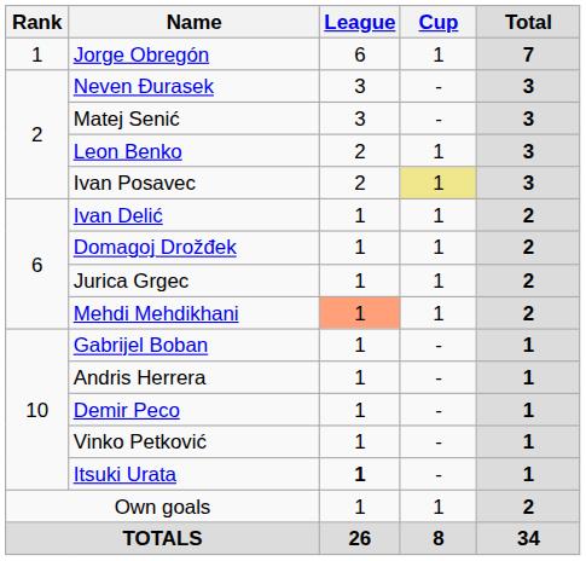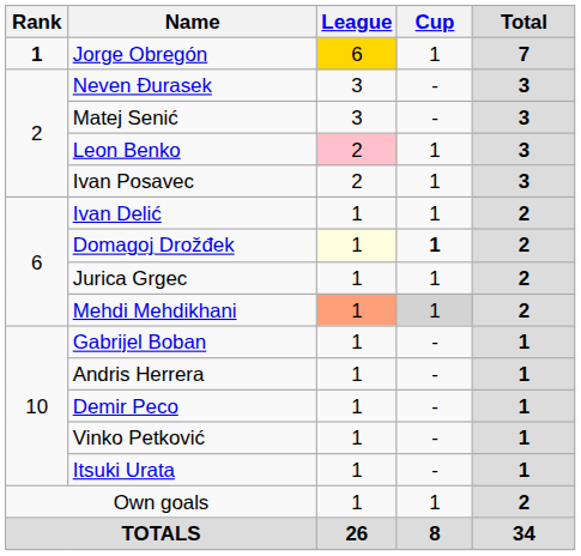 <table class="wikitable" style="font-size: 95%; text-align: center;">
 <tr>
 <th width=40>Rank</th>
 <th width=180>Name</th>
 <th width=50><a href='#'>League</a></th>
 <th width=50><a href='#'>Cup</a></th>
 <th width=70 style="background: #DCDCDC">Total</th>
 </tr>
 <tr>
-<td rowspan=1>1</td>
+<td rowspan=1><strong>1</strong></td>
 <td style="text-align:left;"> <a href='#'>Jorge Obregón</a></td>
-<td>6</td>
+<td style="background: gold;">6</td>
 <td>1</td>
 <th style="background: #DCDCDC">7</th>
 </tr>
 <tr>
 <td rowspan=4>2</td>
 <td style="text-align:left;"> <a href='#'>Neven Đurasek</a></td>
 <td>3</td>
 <td>-</td>
 <th style="background: #DCDCDC">3</th>
 </tr>
 <tr>
 <td style="text-align:left;"> Matej Senić</td>
 <td>3</td>
 <td>-</td>
 <th style="background: #DCDCDC">3</th>
 </tr>
 <tr>
 <td style="text-align:left;"> <a href='#'>Leon Benko</a></td>
-<td>2</td>
+<td style="background: pink;">2</td>
 <td>1</td>
 <th style="background: #DCDCDC">3</th>
 </tr>
 <tr>
 <td style="text-align:left;"> Ivan Posavec</td>
 <td>2</td>
-<td style="background: khaki;">1</td>
+<td>1</td>
 <th style="background: #DCDCDC">3</th>
 </tr>
 <tr>
 <td rowspan=4>6</td>
 <td style="text-align:left;"> <a href='#'>Ivan Delić</a></td>
 <td>1</td>
 <td>1</td>
 <th style="background: #DCDCDC">2</th>
 </tr>
 <tr>
 <td style="text-align:left;"> <a href='#'>Domagoj Drožđek</a></td>
-<td>1</td>
-<td>1</td>
+<td style="background: lightyellow;">1</td>
+<td><strong>1</strong></td>
 <th style="background: #DCDCDC">2</th>
 </tr>
 <tr>
 <td style="text-align:left;"> Jurica Grgec</td>
 <td>1</td>
 <td>1</td>
 <th style="background: #DCDCDC">2</th>
 </tr>
 <tr>
 <td style="text-align:left;"> <a href='#'>Mehdi Mehdikhani</a></td>
 <td style="background: lightsalmon;">1</td>
-<td>1</td>
+<td style="background: lightgrey;">1</td>
 <th style="background: #DCDCDC">2</th>
 </tr>
 <tr>
 <td rowspan=5>10</td>
 <td style="text-align:left;"> <a href='#'>Gabrijel Boban</a></td>
 <td>1</td>
 <td>-</td>
 <th style="background: #DCDCDC">1</th>
 </tr>
 <tr>
 <td style="text-align:left;"> Andris Herrera</td>
 <td>1</td>
 <td>-</td>
 <th style="background: #DCDCDC">1</th>
 </tr>
 <tr>
 <td style="text-align:left;"> <a href='#'>Demir Peco</a></td>
 <td>1</td>
 <td>-</td>
 <th style="background: #DCDCDC">1</th>
 </tr>
 <tr>
 <td style="text-align:left;"> Vinko Petković</td>
 <td>1</td>
 <td>-</td>
 <th style="background: #DCDCDC">1</th>
 </tr>
 <tr>
 <td style="text-align:left;"> <a href='#'>Itsuki Urata</a></td>
-<td><strong>1</strong></td>
+<td>1</td>
 <td>-</td>
 <th style="background: #DCDCDC">1</th>
 </tr>
 <tr>
 <td colspan=2 style="text-align:center;">Own goals</td>
 <td>1</td>
 <td>1</td>
 <th style="background: #DCDCDC">2</th>
 </tr>
 <tr>
 <th colspan="2" align="center" style="background: #DCDCDC">TOTALS</th>
 <th style="background: #DCDCDC">26</th>
 <th style="background: #DCDCDC">8</th>
 <th style="background: #DCDCDC">34</th>
 </tr>
 </table>
